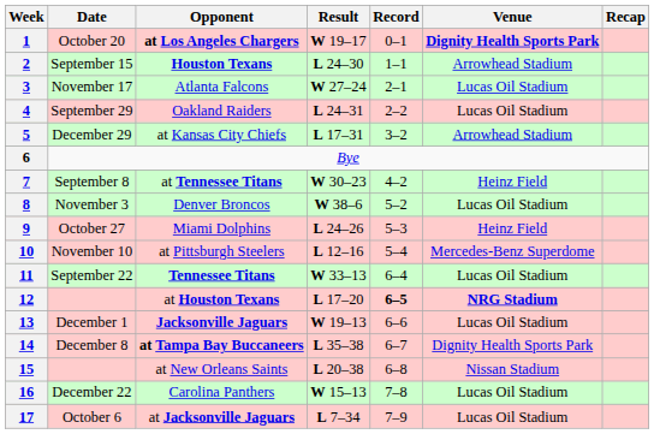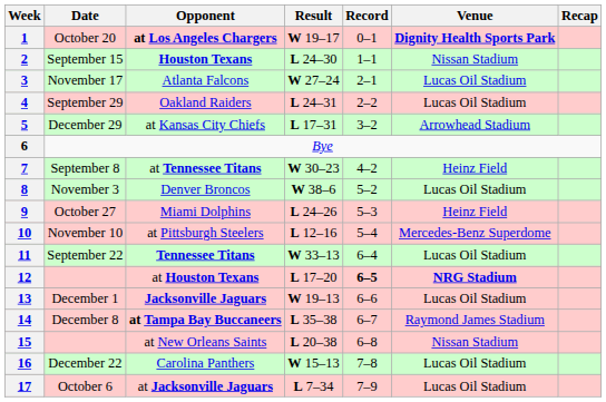 <table class="wikitable" style="text-align:center">
 <tr>
 <th>Week</th>
 <th>Date</th>
 <th>Opponent</th>
 <th>Result</th>
 <th>Record</th>
 <th>Venue</th>
 <th>Recap</th>
 </tr>
 <tr style="background:#fcc">
 <th><a href='#'>1</a></th>
 <td>October 20</td>
 <td><strong>at <a href='#'>Los Angeles Chargers</a></strong></td>
 <td><strong>W</strong> 19–17</td>
 <td>0–1</td>
 <td><strong><a href='#'>Dignity Health Sports Park</a></strong></td>
 <td></td>
 </tr>
 <tr style="background:#cfc">
 <th><a href='#'>2</a></th>
 <td>September 15</td>
 <td><strong><a href='#'>Houston Texans</a></strong></td>
 <td><strong>L</strong> 24–30 </td>
 <td>1–1</td>
-<td><a href='#'>Arrowhead Stadium</a></td>
+<td><a href='#'>Nissan Stadium</a></td>
 <td></td>
 </tr>
 <tr style="background:#cfc">
 <th><a href='#'>3</a></th>
 <td>November 17</td>
 <td><a href='#'>Atlanta Falcons</a></td>
 <td><strong>W</strong> 27–24</td>
 <td>2–1</td>
 <td><a href='#'>Lucas Oil Stadium</a></td>
 <td></td>
 </tr>
 <tr style="background:#fcc">
 <th><a href='#'>4</a></th>
 <td>September 29</td>
 <td><a href='#'>Oakland Raiders</a></td>
 <td><strong>L</strong> 24–31</td>
 <td>2–2</td>
 <td>Lucas Oil Stadium</td>
 <td></td>
 </tr>
 <tr style="background:#cfc">
 <th><a href='#'>5</a></th>
 <td>December 29</td>
 <td>at <a href='#'>Kansas City Chiefs</a></td>
 <td><strong>L</strong> 17–31</td>
 <td>3–2</td>
 <td><a href='#'>Arrowhead Stadium</a></td>
 <td></td>
 </tr>
 <tr>
 <th>6</th>
 <td colspan="6"><em><a href='#'>Bye</a></em></td>
 </tr>
 <tr style="background:#cfc">
 <th><a href='#'>7</a></th>
 <td>September 8</td>
 <td>at <strong><a href='#'>Tennessee Titans</a></strong></td>
 <td><strong>W</strong> 30–23</td>
 <td>4–2</td>
 <td><a href='#'>Heinz Field</a></td>
 <td></td>
 </tr>
 <tr style="background:#cfc">
 <th><a href='#'>8</a></th>
 <td>November 3</td>
 <td><a href='#'>Denver Broncos</a></td>
 <td><strong>W</strong> 38–6</td>
 <td>5–2</td>
 <td>Lucas Oil Stadium</td>
 <td></td>
 </tr>
 <tr style="background:#fcc">
 <th><a href='#'>9</a></th>
 <td>October 27</td>
 <td><a href='#'>Miami Dolphins</a></td>
 <td><strong>L</strong> 24–26</td>
 <td>5–3</td>
 <td><a href='#'>Heinz Field</a></td>
 <td></td>
 </tr>
 <tr style="background:#fcc">
 <th><a href='#'>10</a></th>
 <td>November 10</td>
 <td>at <a href='#'>Pittsburgh Steelers</a></td>
 <td><strong>L</strong> 12–16</td>
 <td>5–4</td>
 <td><a href='#'>Mercedes-Benz Superdome</a></td>
 <td></td>
 </tr>
 <tr style="background:#cfc">
 <th><a href='#'>11</a></th>
 <td>September 22</td>
 <td><strong><a href='#'>Tennessee Titans</a></strong></td>
 <td><strong>W</strong> 33–13</td>
 <td>6–4</td>
 <td>Lucas Oil Stadium</td>
 <td></td>
 </tr>
 <tr style="background:#fcc">
 <th><a href='#'>12</a></th>
 <td></td>
 <td>at <strong><a href='#'>Houston Texans</a></strong></td>
 <td><strong>L</strong> 17–20</td>
 <td><strong>6–5</strong></td>
 <td><strong><a href='#'>NRG Stadium</a></strong></td>
 <td></td>
 </tr>
 <tr style="background:#fcc">
 <th><a href='#'>13</a></th>
 <td>December 1</td>
 <td><strong><a href='#'>Jacksonville Jaguars</a></strong></td>
 <td><strong>W</strong> 19–13</td>
 <td>6–6</td>
 <td>Lucas Oil Stadium</td>
 <td></td>
 </tr>
 <tr style="background:#fcc">
 <th><a href='#'>14</a></th>
 <td>December 8</td>
 <td><strong>at <a href='#'>Tampa Bay Buccaneers</a></strong></td>
 <td><strong>L</strong> 35–38</td>
 <td>6–7</td>
-<td><a href='#'>Dignity Health Sports Park</a></td>
+<td><a href='#'>Raymond James Stadium</a></td>
 <td></td>
 </tr>
 <tr style="background:#fcc">
 <th><a href='#'>15</a></th>
 <td></td>
 <td>at <a href='#'>New Orleans Saints</a></td>
 <td><strong>L</strong> 20–38</td>
 <td>6–8</td>
 <td><a href='#'>Nissan Stadium</a></td>
 <td></td>
 </tr>
 <tr style="background:#cfc">
 <th><a href='#'>16</a></th>
 <td>December 22</td>
 <td><a href='#'>Carolina Panthers</a></td>
 <td><strong>W</strong> 15–13</td>
 <td>7–8</td>
 <td>Lucas Oil Stadium</td>
 <td></td>
 </tr>
 <tr style="background:#fcc">
 <th><a href='#'>17</a></th>
 <td>October 6</td>
 <td>at <strong><a href='#'>Jacksonville Jaguars</a></strong></td>
 <td><strong>L</strong> 7–34</td>
 <td>7–9</td>
 <td>Lucas Oil Stadium</td>
 <td></td>
 </tr>
 </table>
